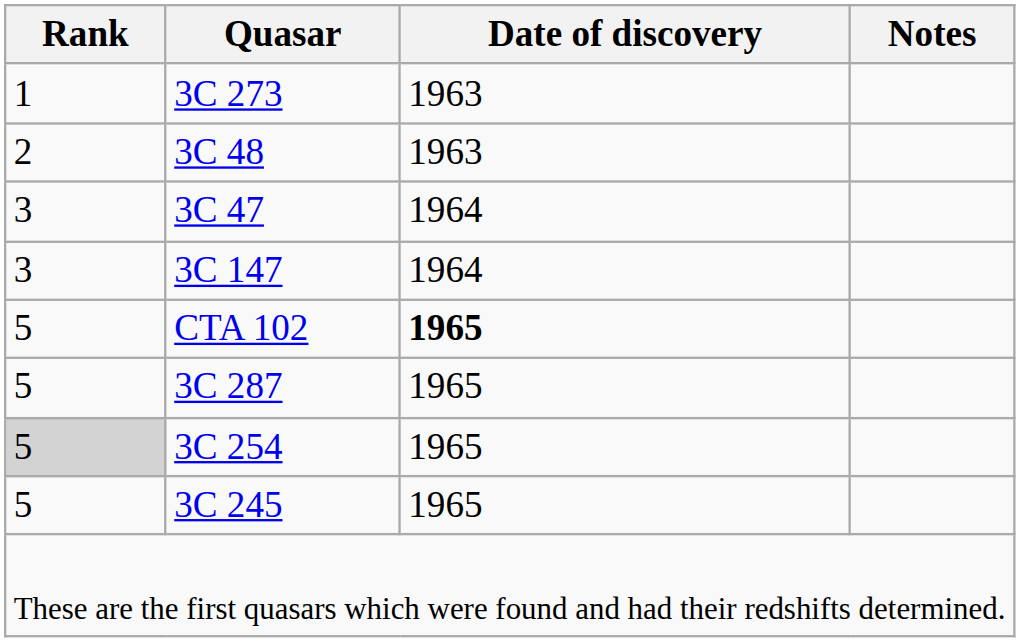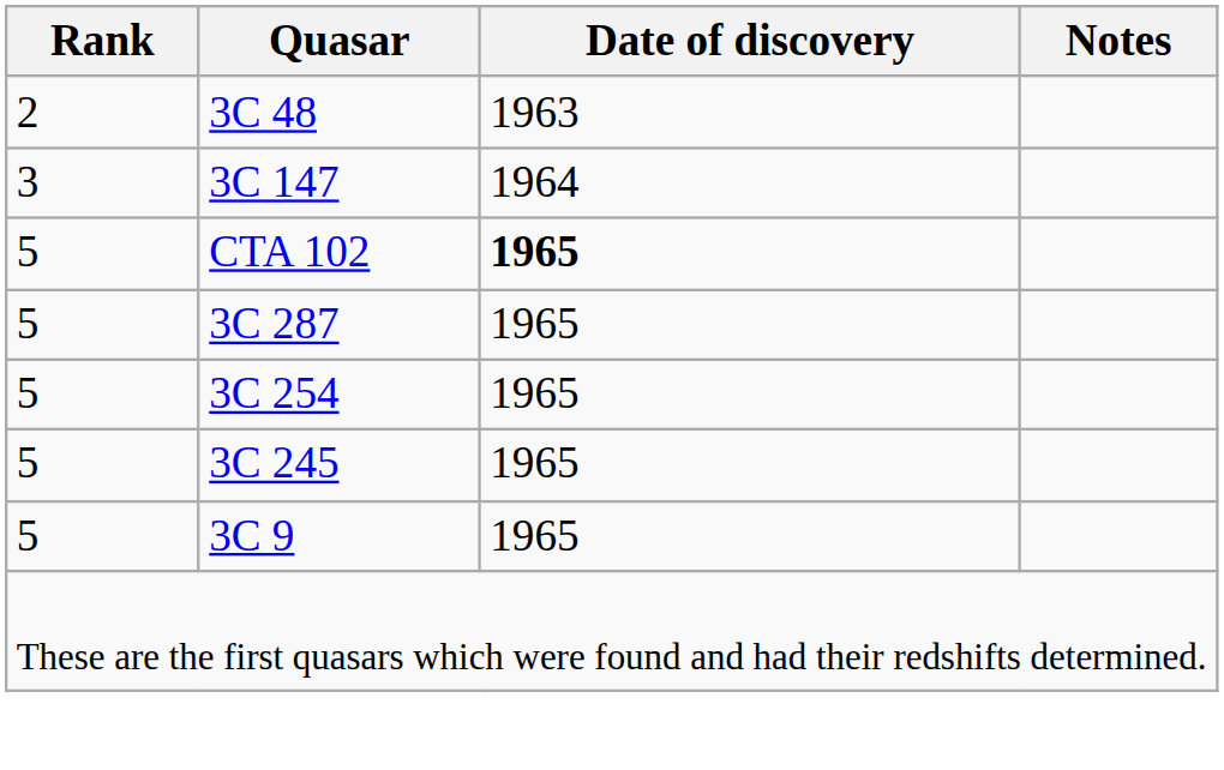 <table class="wikitable" border="1">
 <tr>
 <th>Rank</th>
 <th>Quasar</th>
 <th>Date of discovery</th>
 <th>Notes</th>
 </tr>
 <tr>
-<td>1</td>
-<td><a href='#'>3C 273</a></td>
-<td>1963</td>
-<td></td>
-</tr>
-<tr>
 <td>2</td>
 <td><a href='#'>3C 48</a></td>
 <td>1963</td>
-<td></td>
-</tr>
-<tr>
-<td>3</td>
-<td><a href='#'>3C 47</a></td>
-<td>1964</td>
 <td></td>
 </tr>
 <tr>
 <td>3</td>
 <td><a href='#'>3C 147</a></td>
 <td>1964</td>
 <td></td>
 </tr>
 <tr>
 <td>5</td>
 <td><a href='#'>CTA 102</a></td>
 <td><strong>1965</strong></td>
 <td></td>
 </tr>
 <tr>
 <td>5</td>
 <td><a href='#'>3C 287</a></td>
 <td>1965</td>
 <td></td>
 </tr>
 <tr>
-<td style="background: lightgrey;">5</td>
+<td>5</td>
 <td><a href='#'>3C 254</a></td>
 <td>1965</td>
 <td></td>
 </tr>
 <tr>
 <td>5</td>
 <td><a href='#'>3C 245</a></td>
 <td>1965</td>
 <td></td>
 </tr>
 <tr>
+<td>5</td>
+<td><a href='#'>3C 9</a></td>
+<td>1965</td>
+<td></td>
+</tr>
+<tr>
 <td colspan=4><br><small>  These are the first quasars which were found and had their redshifts determined.  </small></td>
 </tr>
 </table>
